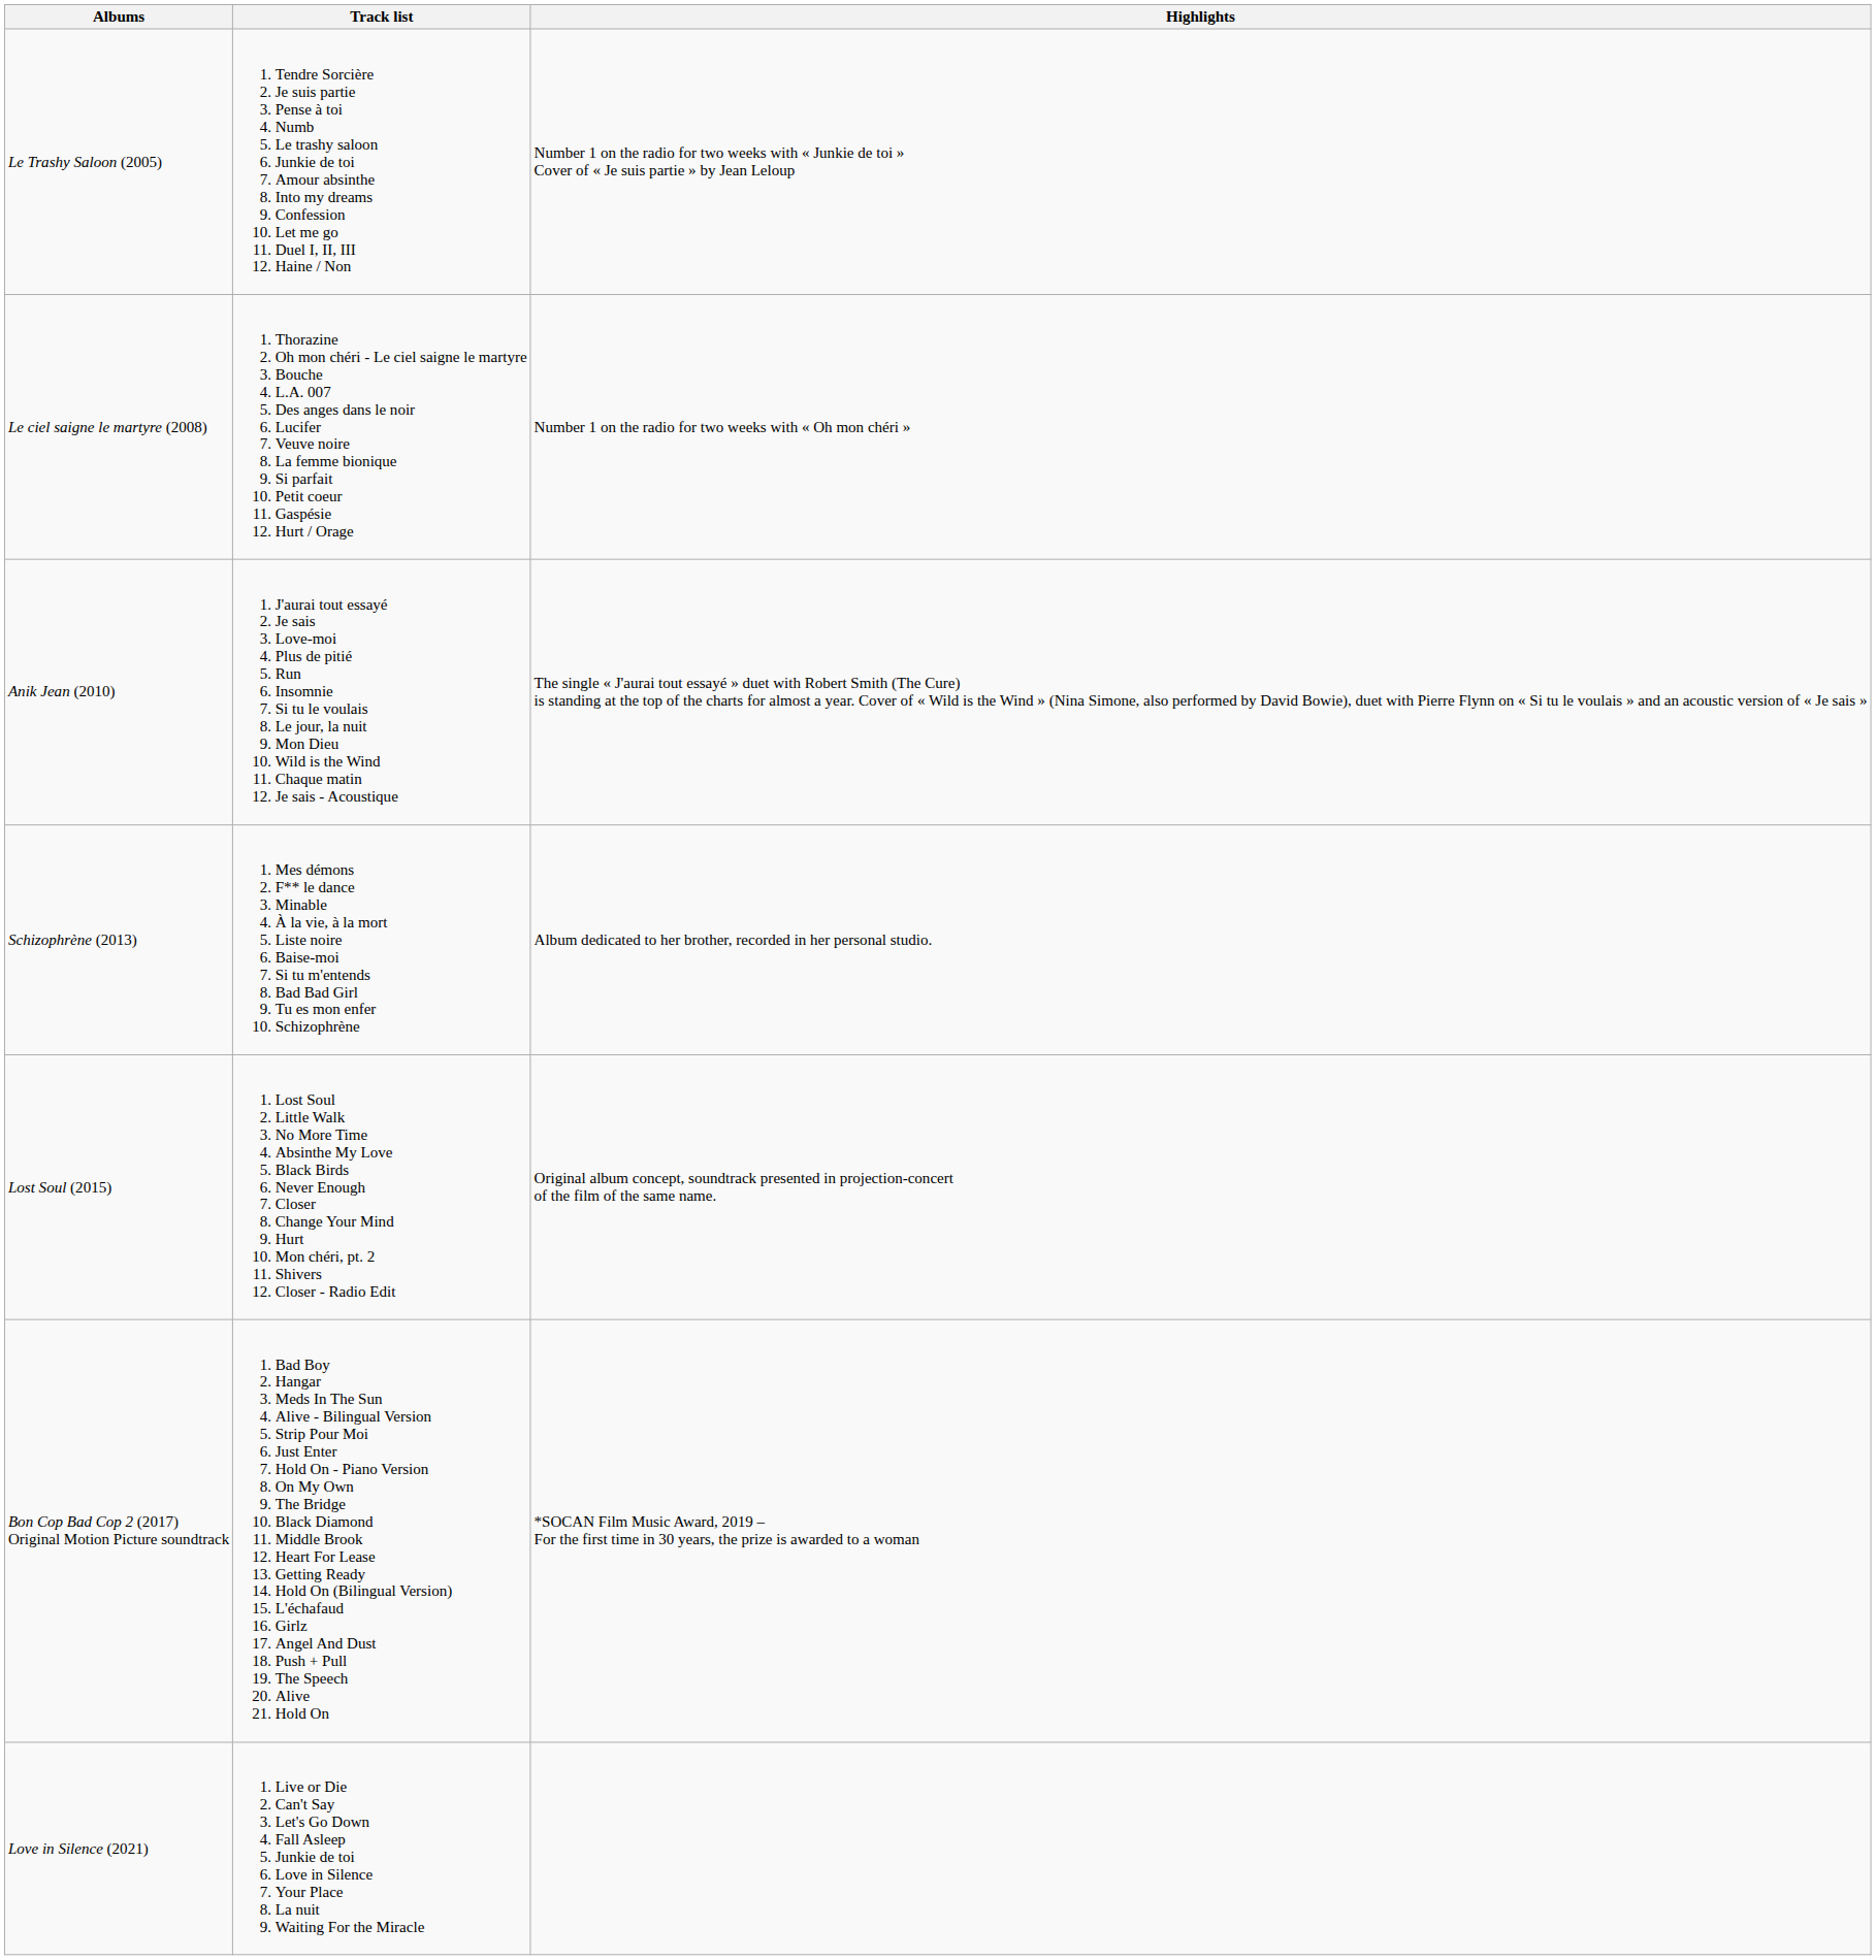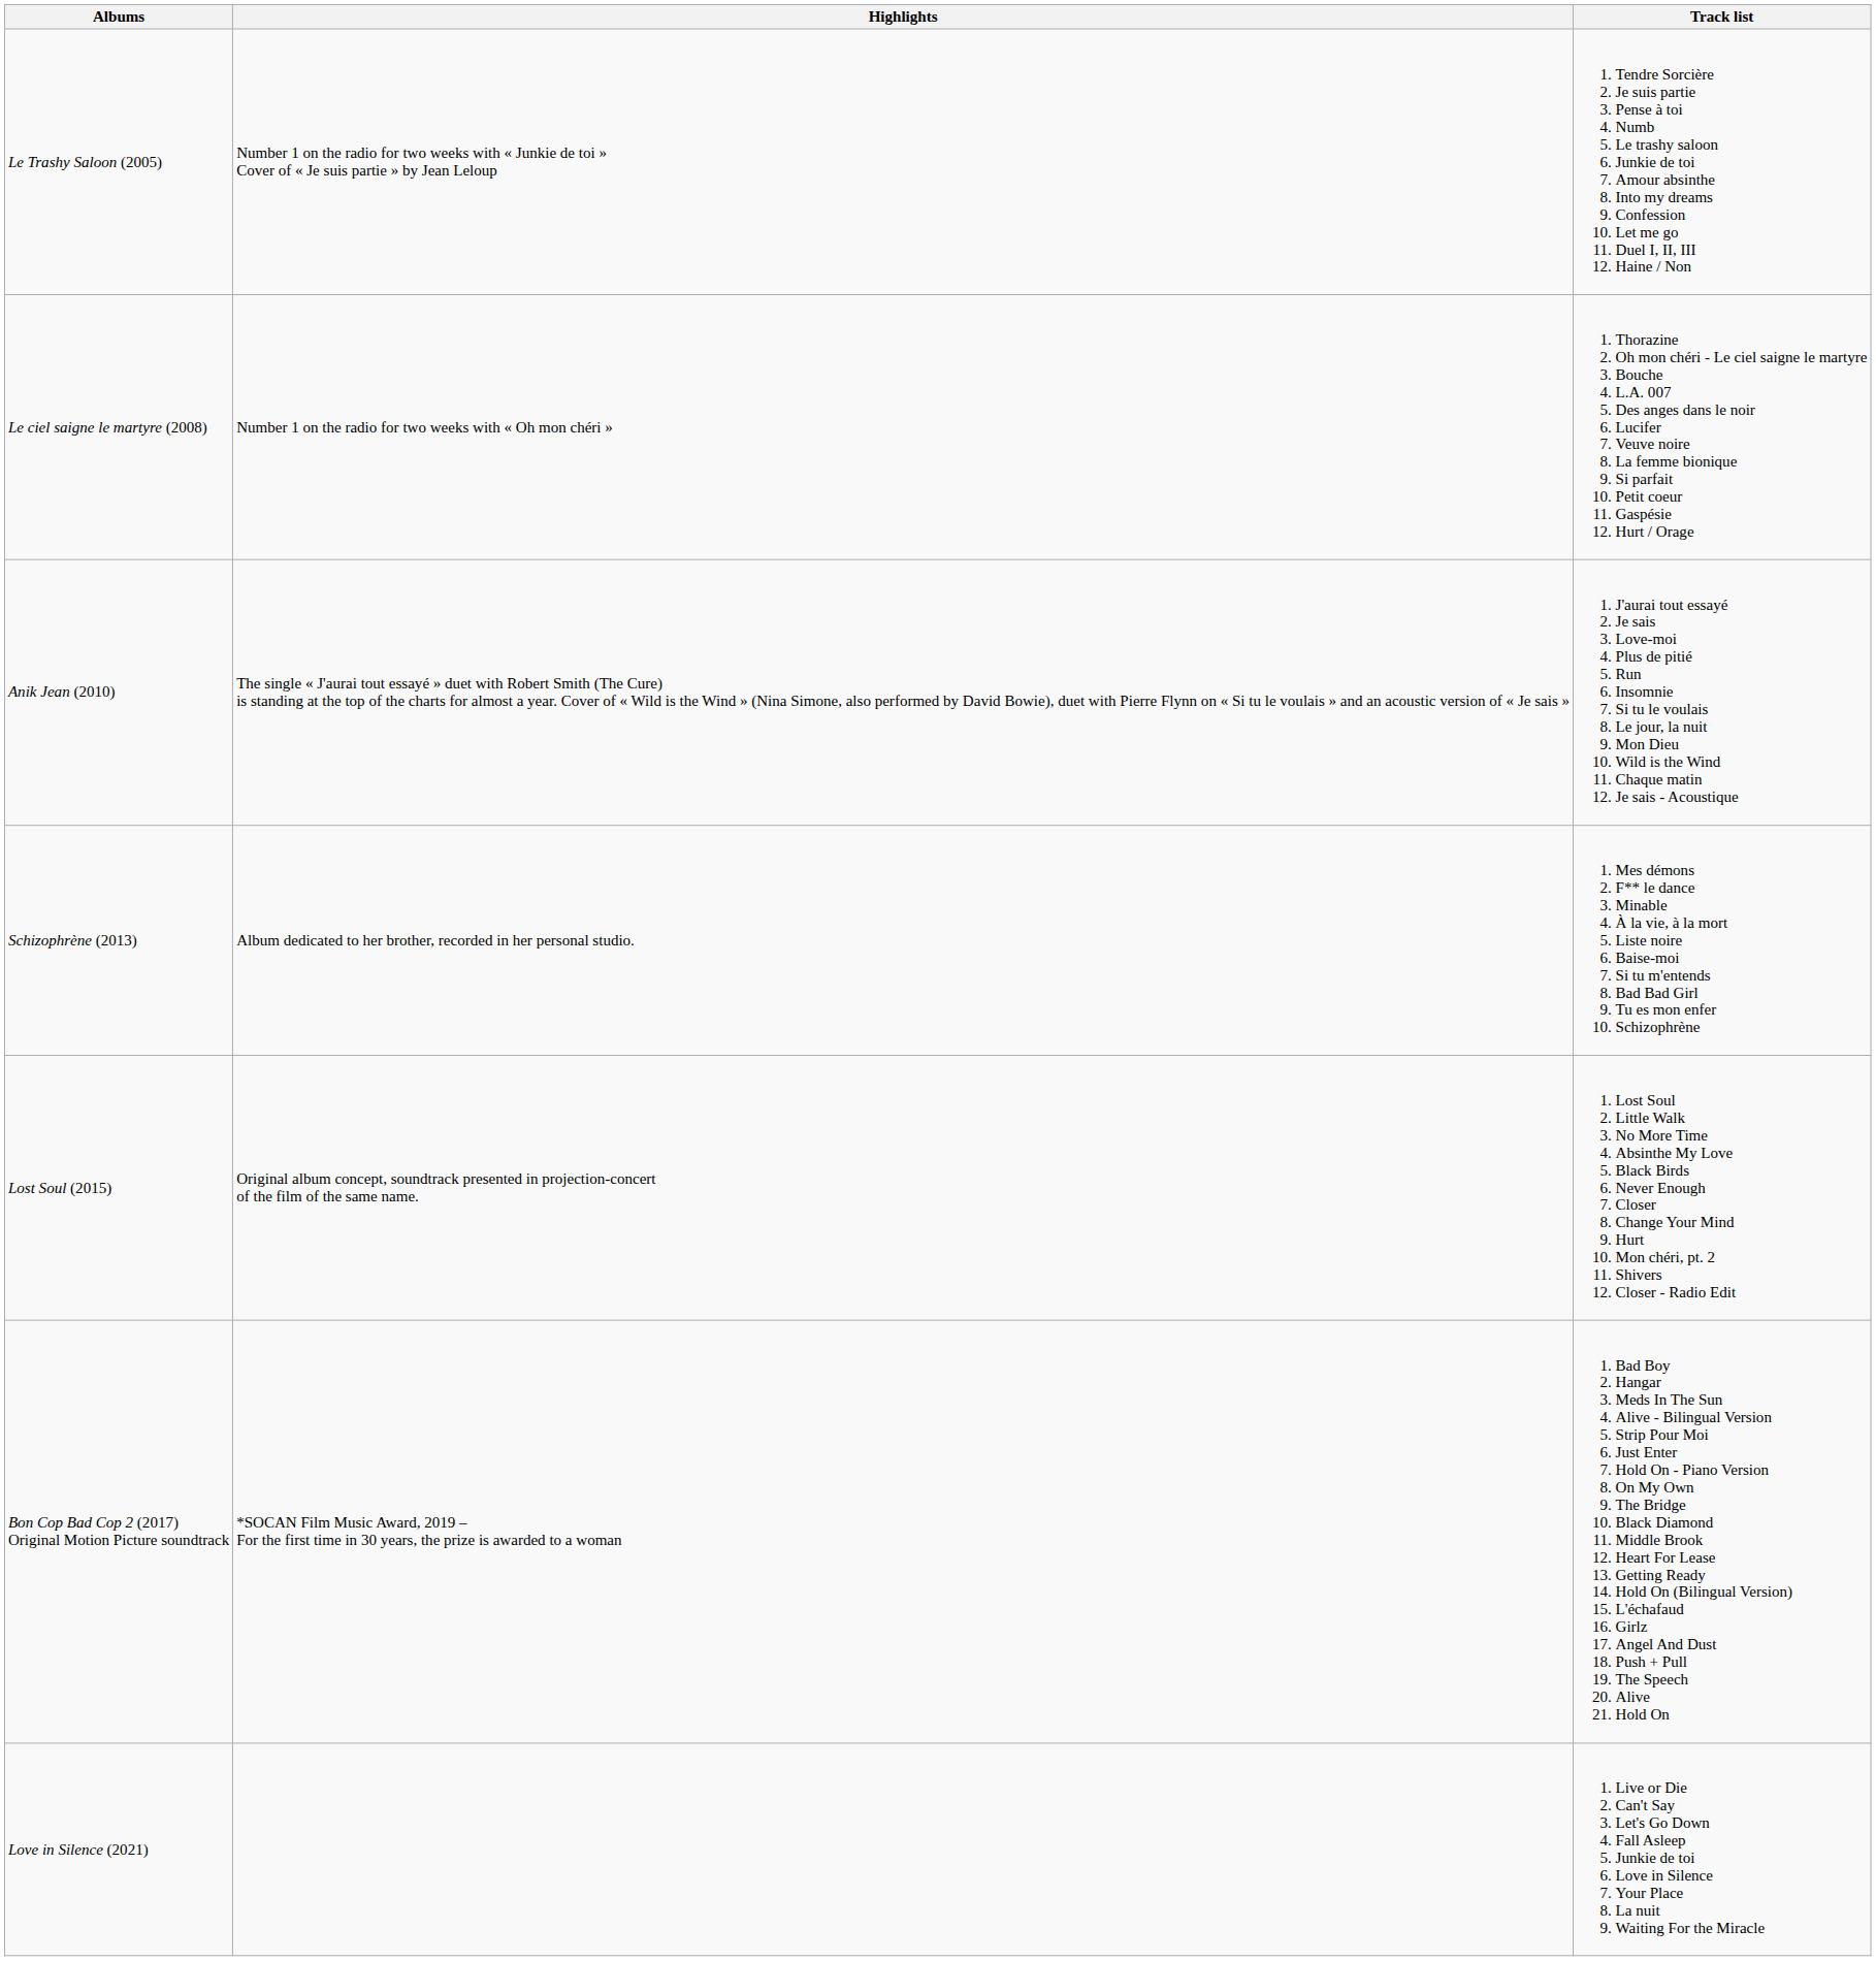 <table class="wikitable sortable mw-collapsible">
 <tr>
 <th>Albums</th>
+<th>Highlights</th>
 <th>Track list</th>
-<th>Highlights</th>
 </tr>
 <tr>
 <td><em>Le Trashy Saloon</em> (2005)</td>
+<td>Number 1 on the radio for two weeks with « Junkie de toi »<br>Cover of « Je suis partie » by Jean Leloup</td>
 <td><br><ol><li>Tendre Sorcière</li><li>Je suis partie</li><li>Pense à toi</li><li>Numb</li><li>Le trashy saloon</li><li>Junkie de toi</li><li>Amour absinthe</li><li>Into my dreams</li><li>Confession</li><li>Let me go</li><li>Duel I, II, III</li><li>Haine / Non</li></ol></td>
-<td>Number 1 on the radio for two weeks with « Junkie de toi »<br>Cover of « Je suis partie » by Jean Leloup</td>
 </tr>
 <tr>
 <td><em>Le ciel saigne le martyre</em> (2008)</td>
+<td>Number 1 on the radio for two weeks with « Oh mon chéri »</td>
 <td><br><ol><li>Thorazine</li><li>Oh mon chéri - Le ciel saigne le martyre</li><li>Bouche</li><li>L.A. 007</li><li>Des anges dans le noir</li><li>Lucifer</li><li>Veuve noire</li><li>La femme bionique</li><li>Si parfait</li><li>Petit coeur</li><li>Gaspésie</li><li>Hurt / Orage</li></ol></td>
-<td>Number 1 on the radio for two weeks with « Oh mon chéri »</td>
 </tr>
 <tr>
 <td><em>Anik Jean</em> (2010)</td>
+<td>The single « J'aurai tout essayé » duet with Robert Smith (The Cure)<br>is standing at the top of the charts for almost a year.  Cover of « Wild is the Wind » (Nina Simone, also performed by David Bowie),  duet with Pierre Flynn on « Si tu le voulais » and an acoustic version of « Je sais »</td>
 <td><br><ol><li>J'aurai tout essayé</li><li>Je sais</li><li>Love-moi</li><li>Plus de pitié</li><li>Run</li><li>Insomnie</li><li>Si tu le voulais</li><li>Le jour, la nuit</li><li>Mon Dieu</li><li>Wild is the Wind</li><li>Chaque matin</li><li>Je sais - Acoustique</li></ol></td>
-<td>The single « J'aurai tout essayé » duet with Robert Smith (The Cure)<br>is standing at the top of the charts for almost a year.  Cover of « Wild is the Wind » (Nina Simone, also performed by David Bowie),  duet with Pierre Flynn on « Si tu le voulais » and an acoustic version of « Je sais »</td>
 </tr>
 <tr>
 <td><em>Schizophrène</em> (2013)</td>
+<td>Album dedicated to her brother, recorded in her personal studio.</td>
 <td><br><ol><li>Mes démons</li><li>F** le dance</li><li>Minable</li><li>À la vie, à la mort</li><li>Liste noire</li><li>Baise-moi</li><li>Si tu m'entends</li><li>Bad Bad Girl</li><li>Tu es mon enfer</li><li>Schizophrène</li></ol></td>
-<td>Album dedicated to her brother, recorded in her personal studio.</td>
 </tr>
 <tr>
 <td><em>Lost Soul</em> (2015)</td>
+<td>Original album concept, soundtrack presented in projection-concert<br>of the film of the same name.</td>
 <td><br><ol><li>Lost Soul</li><li>Little Walk</li><li>No More Time</li><li>Absinthe My Love</li><li>Black Birds</li><li>Never Enough</li><li>Closer</li><li>Change Your Mind</li><li>Hurt</li><li>Mon chéri, pt. 2</li><li>Shivers</li><li>Closer - Radio Edit</li></ol></td>
-<td>Original album concept, soundtrack presented in projection-concert<br>of the film of the same name.</td>
 </tr>
 <tr>
 <td><em>Bon Cop Bad Cop 2</em> (2017)<br>Original Motion Picture soundtrack</td>
+<td>*SOCAN Film Music Award, 2019 –<br>For the first time in 30 years, the prize is awarded to a woman</td>
 <td><br><ol><li>Bad Boy</li><li>Hangar</li><li>Meds In The Sun</li><li>Alive - Bilingual Version</li><li>Strip Pour Moi</li><li>Just Enter</li><li>Hold On - Piano Version</li><li>On My Own</li><li>The Bridge</li><li>Black Diamond</li><li>Middle Brook</li><li>Heart For Lease</li><li>Getting Ready</li><li>Hold On (Bilingual Version)</li><li>L'échafaud</li><li>Girlz</li><li>Angel And Dust</li><li>Push + Pull</li><li>The Speech</li><li>Alive</li><li>Hold On</li></ol></td>
-<td>*SOCAN Film Music Award, 2019 –<br>For the first time in 30 years, the prize is awarded to a woman</td>
 </tr>
 <tr>
 <td><em>Love in Silence</em> (2021)</td>
+<td></td>
 <td><br><ol><li>Live or Die</li><li>Can't Say</li><li>Let's Go Down</li><li>Fall Asleep</li><li>Junkie de toi</li><li>Love in Silence</li><li>Your Place</li><li>La nuit</li><li>Waiting For the Miracle</li></ol></td>
-<td></td>
 </tr>
 </table>
